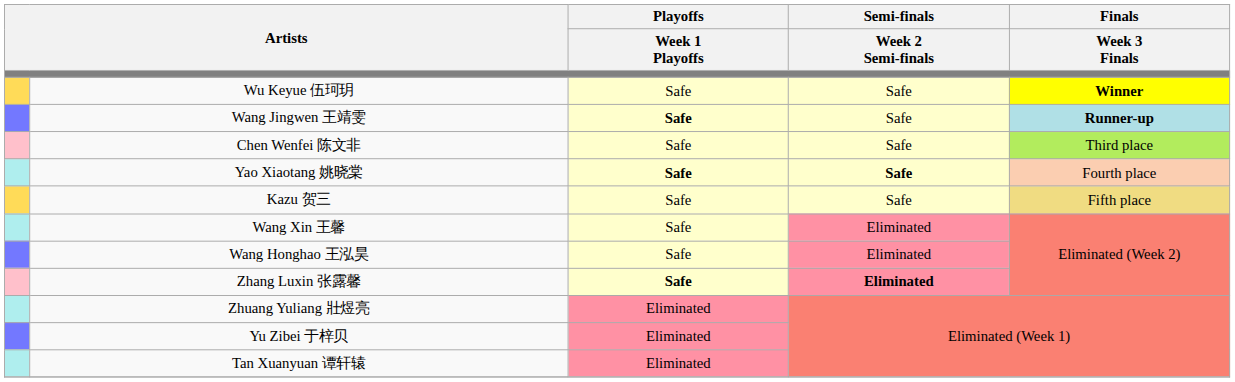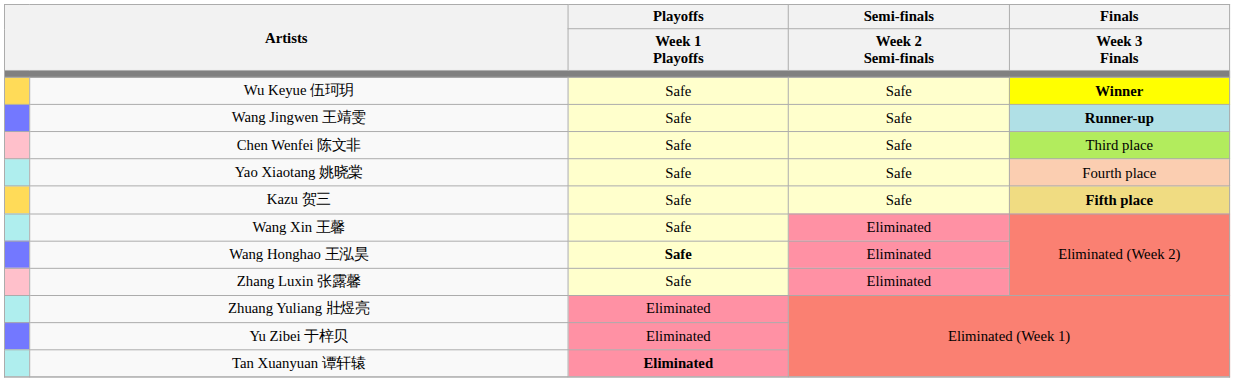 <table class="wikitable" style="text-align:center; font-size:95%; width:100%">
 <tr>
 <th rowspan="2" colspan="2">Artists</th>
 <th style="width:18%">Playoffs</th>
 <th style="width:18%">Semi-finals</th>
 <th style="width:18%">Finals</th>
 </tr>
 <tr>
 <th style="width:9%">Week 1 <br> Playoffs</th>
 <th style="width:9%">Week 2 <br> Semi-finals</th>
 <th style="width:9%">Week 3 <br> Finals</th>
 </tr>
 <tr>
 <th colspan="12" style="background:gray"></th>
 </tr>
 <tr>
 <td style="background:#ffdb58"></td>
 <td>Wu Keyue 伍珂玥</td>
 <td style="background:#FFFFCC">Safe</td>
 <td style="background:#FFFFCC">Safe</td>
 <td style="background:yellow"><strong>Winner</strong></td>
 </tr>
 <tr>
 <td style="background:#7378ff"></td>
 <td>Wang Jingwen 王靖雯</td>
-<td style="background:#FFFFCC"><strong>Safe</strong></td>
+<td style="background:#FFFFCC">Safe</td>
 <td style="background:#FFFFCC">Safe</td>
 <td style="background:#B0E0E6"><strong>Runner-up</strong></td>
 </tr>
 <tr>
 <td style="background:pink"></td>
 <td>Chen Wenfei 陈文非</td>
 <td style="background:#FFFFCC">Safe</td>
 <td style="background:#FFFFCC">Safe</td>
 <td style="background:#B2EC5D">Third place</td>
 </tr>
 <tr>
 <td style="background:#afeeee"></td>
 <td>Yao Xiaotang 姚晓棠</td>
-<td style="background:#FFFFCC"><strong>Safe</strong></td>
-<td style="background:#FFFFCC"><strong>Safe</strong></td>
+<td style="background:#FFFFCC">Safe</td>
+<td style="background:#FFFFCC">Safe</td>
 <td style="background:#FBCEB1">Fourth place</td>
 </tr>
 <tr>
 <td style="background:#ffdb58"></td>
 <td>Kazu 贺三</td>
 <td style="background:#FFFFCC">Safe</td>
 <td style="background:#FFFFCC">Safe</td>
-<td style="background:#F0DC82">Fifth place</td>
+<td style="background:#F0DC82"><strong>Fifth place</strong></td>
 </tr>
 <tr>
 <td style="background:#afeeee"></td>
 <td>Wang Xin 王馨</td>
 <td style="background:#FFFFCC">Safe</td>
 <td style="background:#FF91A4">Eliminated</td>
 <td style="background:salmon" rowspan="3">Eliminated (Week 2)</td>
 </tr>
 <tr>
 <td style="background:#7378ff"></td>
 <td>Wang Honghao 王泓昊</td>
-<td style="background:#FFFFCC">Safe</td>
+<td style="background:#FFFFCC"><strong>Safe</strong></td>
 <td style="background:#FF91A4">Eliminated</td>
 </tr>
 <tr>
 <td style="background:pink"></td>
 <td>Zhang Luxin 张露馨</td>
-<td style="background:#FFFFCC"><strong>Safe</strong></td>
-<td style="background:#FF91A4"><strong>Eliminated</strong></td>
+<td style="background:#FFFFCC">Safe</td>
+<td style="background:#FF91A4">Eliminated</td>
 </tr>
 <tr>
 <td style="background:#afeeee"></td>
 <td>Zhuang Yuliang 壯煜亮</td>
 <td style="background:#FF91A4">Eliminated</td>
 <td style="background:salmon" rowspan="3" colspan="2">Eliminated (Week 1)</td>
 </tr>
 <tr>
 <td style="background:#7378ff"></td>
 <td>Yu Zibei 于梓贝</td>
 <td style="background:#FF91A4">Eliminated</td>
 </tr>
 <tr>
 <td style="background:#afeeee"></td>
 <td>Tan Xuanyuan 谭轩辕</td>
-<td style="background:#FF91A4">Eliminated</td>
+<td style="background:#FF91A4"><strong>Eliminated</strong></td>
 </tr>
 <tr>
 </tr>
 </table>
